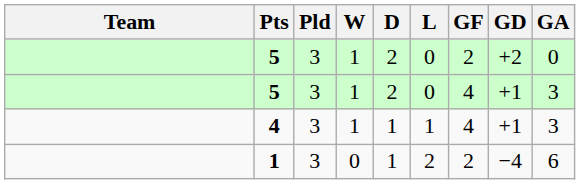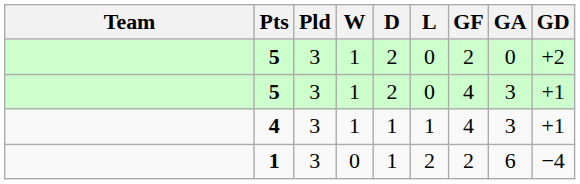 <table class="wikitable" style="text-align:center;">
 <tr>
 <th width=175>Team</th>
 <th width=20 abbr="Points">Pts</th>
 <th width=20 abbr="Played">Pld</th>
 <th width=20 abbr="Won">W</th>
 <th width=20 abbr="Drawn">D</th>
 <th width=20 abbr="Lost">L</th>
 <th width=20 abbr="Goals for">GF</th>
+<th width=20 abbr="Goals against">GA</th>
 <th width=20 abbr="Goal difference">GD</th>
-<th width=20 abbr="Goals against">GA</th>
 </tr>
 <tr style="background:#ccffcc;">
 <td style="text-align:left;"></td>
 <td><strong>5</strong></td>
 <td>3</td>
 <td>1</td>
 <td>2</td>
 <td>0</td>
 <td>2</td>
+<td>0</td>
 <td>+2</td>
-<td>0</td>
 </tr>
 <tr style="background:#ccffcc;">
 <td style="text-align:left;"></td>
 <td><strong>5</strong></td>
 <td>3</td>
 <td>1</td>
 <td>2</td>
 <td>0</td>
 <td>4</td>
+<td>3</td>
 <td>+1</td>
-<td>3</td>
 </tr>
 <tr>
 <td style="text-align:left;"></td>
 <td><strong>4</strong></td>
 <td>3</td>
 <td>1</td>
 <td>1</td>
 <td>1</td>
 <td>4</td>
+<td>3</td>
 <td>+1</td>
-<td>3</td>
 </tr>
 <tr>
 <td style="text-align:left;"></td>
 <td><strong>1</strong></td>
 <td>3</td>
 <td>0</td>
 <td>1</td>
 <td>2</td>
 <td>2</td>
+<td>6</td>
 <td>−4</td>
-<td>6</td>
 </tr>
 </table>
